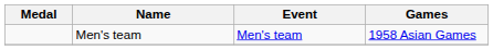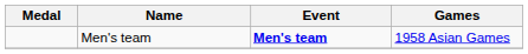 <table class="wikitable sortable" style="font-size:100%">
 <tr>
 <th width="90">Medal</th>
 <th width="250">Name</th>
 <th width="200">Event</th>
 <th width="180">Games</th>
 </tr>
 <tr>
 <td></td>
 <td>Men's team<br></td>
-<td><a href='#'>Men's team</a></td>
+<td><strong><a href='#'>Men's team</a></strong></td>
 <td><a href='#'>1958 Asian Games</a></td>
 </tr>
 <tr>
 </tr>
 </table>
